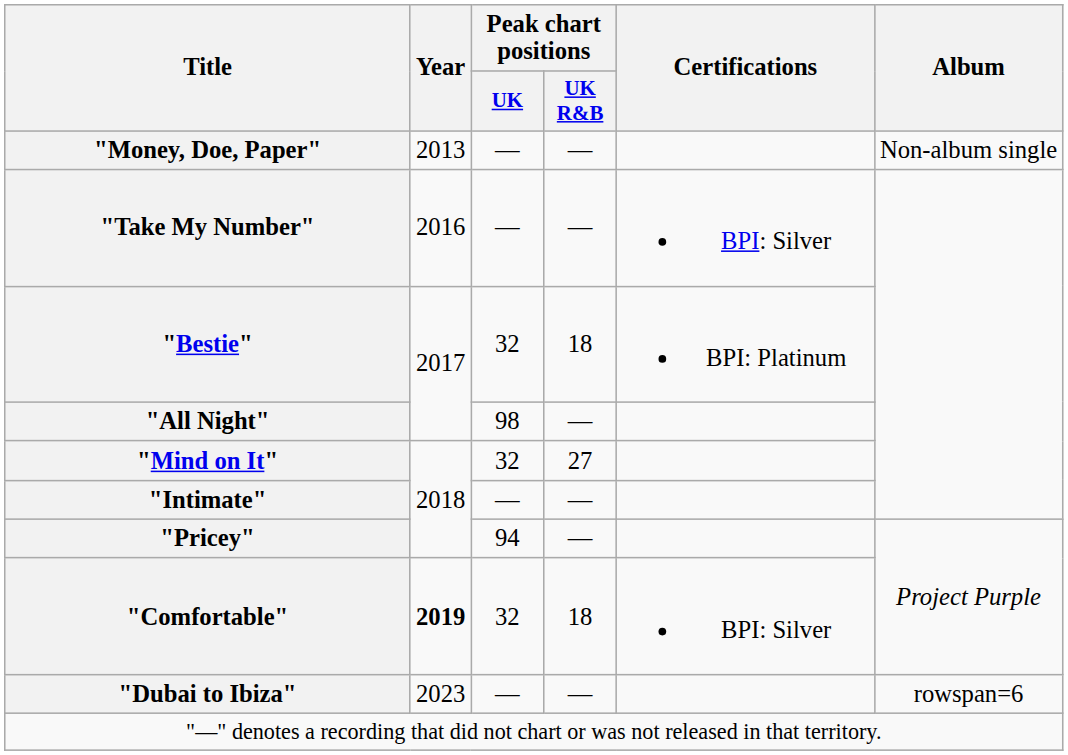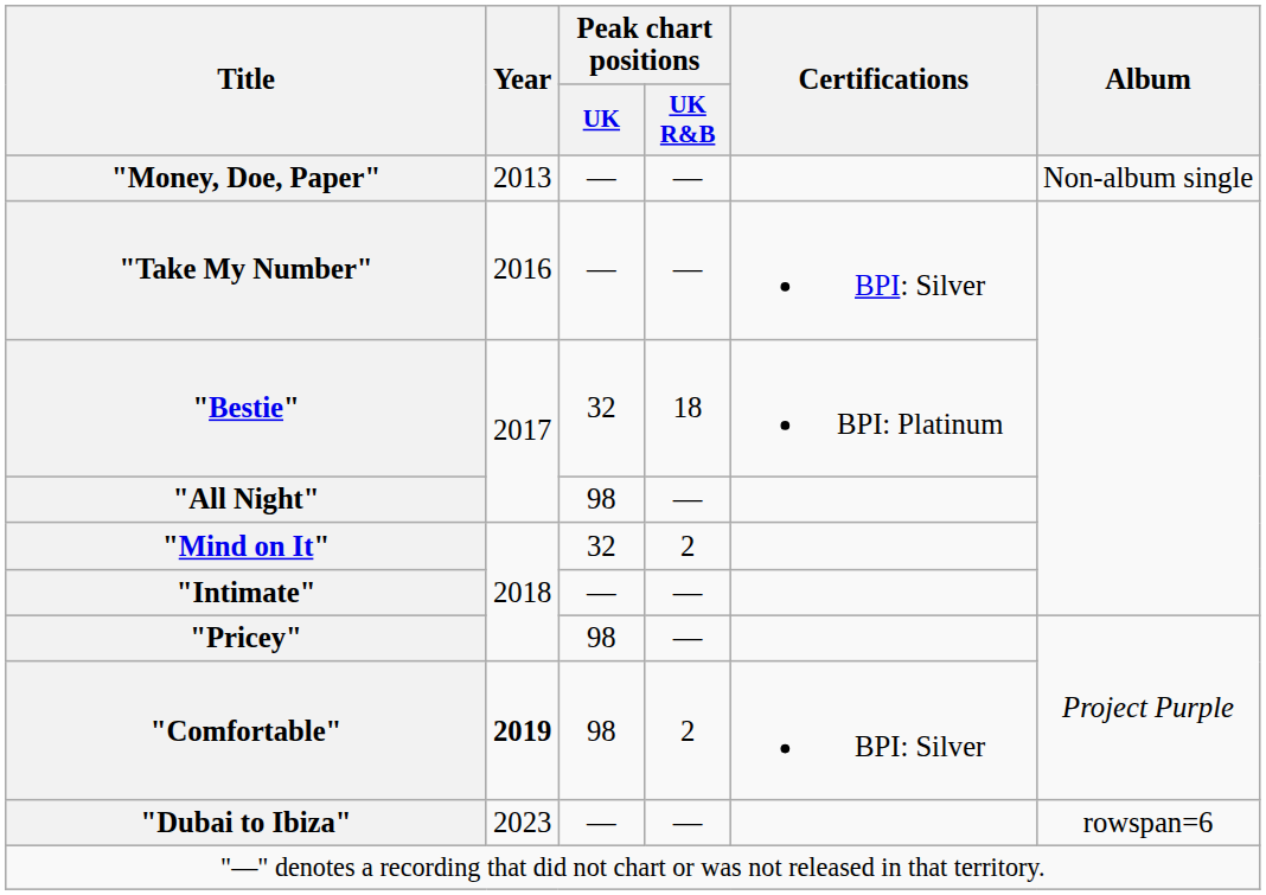 <table class="wikitable plainrowheaders" style="text-align:center;">
 <tr>
 <th scope="col" rowspan="2" style="width:16em;">Title</th>
 <th scope="col" rowspan="2">Year</th>
 <th scope="col" colspan="2">Peak chart positions</th>
 <th scope="col" rowspan="2" style="width:10em;">Certifications</th>
 <th scope="col" rowspan="2">Album</th>
 </tr>
 <tr>
 <th scope="col" style="width:3em;font-size:85%;"><a href='#'>UK</a><br></th>
 <th scope="col" style="width:3em;font-size:85%;"><a href='#'>UK<br>R&B</a><br></th>
 </tr>
 <tr>
 <th scope="row">"Money, Doe, Paper"</th>
 <td>2013</td>
 <td>—</td>
 <td>—</td>
 <td></td>
 <td>Non-album single</td>
 </tr>
 <tr>
 <th scope="row">"Take My Number"<br></th>
 <td>2016</td>
 <td>—</td>
 <td>—</td>
 <td><br><ul><li><a href='#'>BPI</a>: Silver</li></ul></td>
 </tr>
 <tr>
 <th scope="row">"<a href='#'>Bestie</a>"<br></th>
 <td rowspan=2>2017</td>
 <td>32</td>
 <td>18</td>
 <td><br><ul><li>BPI: Platinum</li></ul></td>
 </tr>
 <tr>
 <th scope="row">"All Night"<br></th>
 <td>98</td>
 <td>—</td>
 <td></td>
 </tr>
 <tr>
 <th scope="row">"<a href='#'>Mind on It</a>"<br></th>
 <td rowspan="3">2018</td>
 <td>32</td>
-<td>27</td>
+<td>2</td>
 <td></td>
 </tr>
 <tr>
 <th scope="row">"Intimate"<br></th>
 <td>—</td>
 <td>—</td>
 <td></td>
 </tr>
 <tr>
 <th scope="row">"Pricey"<br></th>
-<td>94</td>
+<td>98</td>
 <td>—</td>
 <td></td>
 <td rowspan=2><em>Project Purple</em></td>
 </tr>
 <tr>
 <th scope="row">"Comfortable"<br></th>
 <td><strong>2019</strong></td>
-<td>32</td>
-<td>18</td>
+<td>98</td>
+<td>2</td>
 <td><br><ul><li>BPI: Silver</li></ul></td>
 </tr>
 <tr>
 <th scope="row">"Dubai to Ibiza"</th>
 <td>2023</td>
 <td>—</td>
 <td>—</td>
 <td></td>
 <td>rowspan=6 </td>
 </tr>
 <tr>
 <td colspan="12" style="font-size:90%">"—" denotes a recording that did not chart or was not released in that territory.</td>
 </tr>
 </table>
